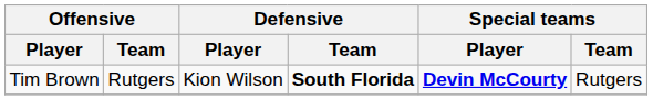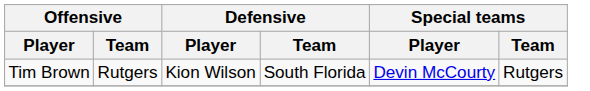 <table class="wikitable" border="1">
 <tr>
 <th colspan="2">Offensive</th>
 <th colspan="2">Defensive</th>
 <th colspan="2">Special teams</th>
 </tr>
 <tr>
 <th>Player</th>
 <th>Team</th>
 <th>Player</th>
 <th>Team</th>
 <th>Player</th>
 <th>Team</th>
 </tr>
 <tr>
 <td>Tim Brown</td>
 <td>Rutgers</td>
 <td>Kion Wilson</td>
-<td><strong>South Florida</strong></td>
-<td><strong><a href='#'>Devin McCourty</a></strong></td>
+<td>South Florida</td>
+<td><a href='#'>Devin McCourty</a></td>
 <td>Rutgers</td>
 </tr>
 <tr>
 </tr>
 </table>
